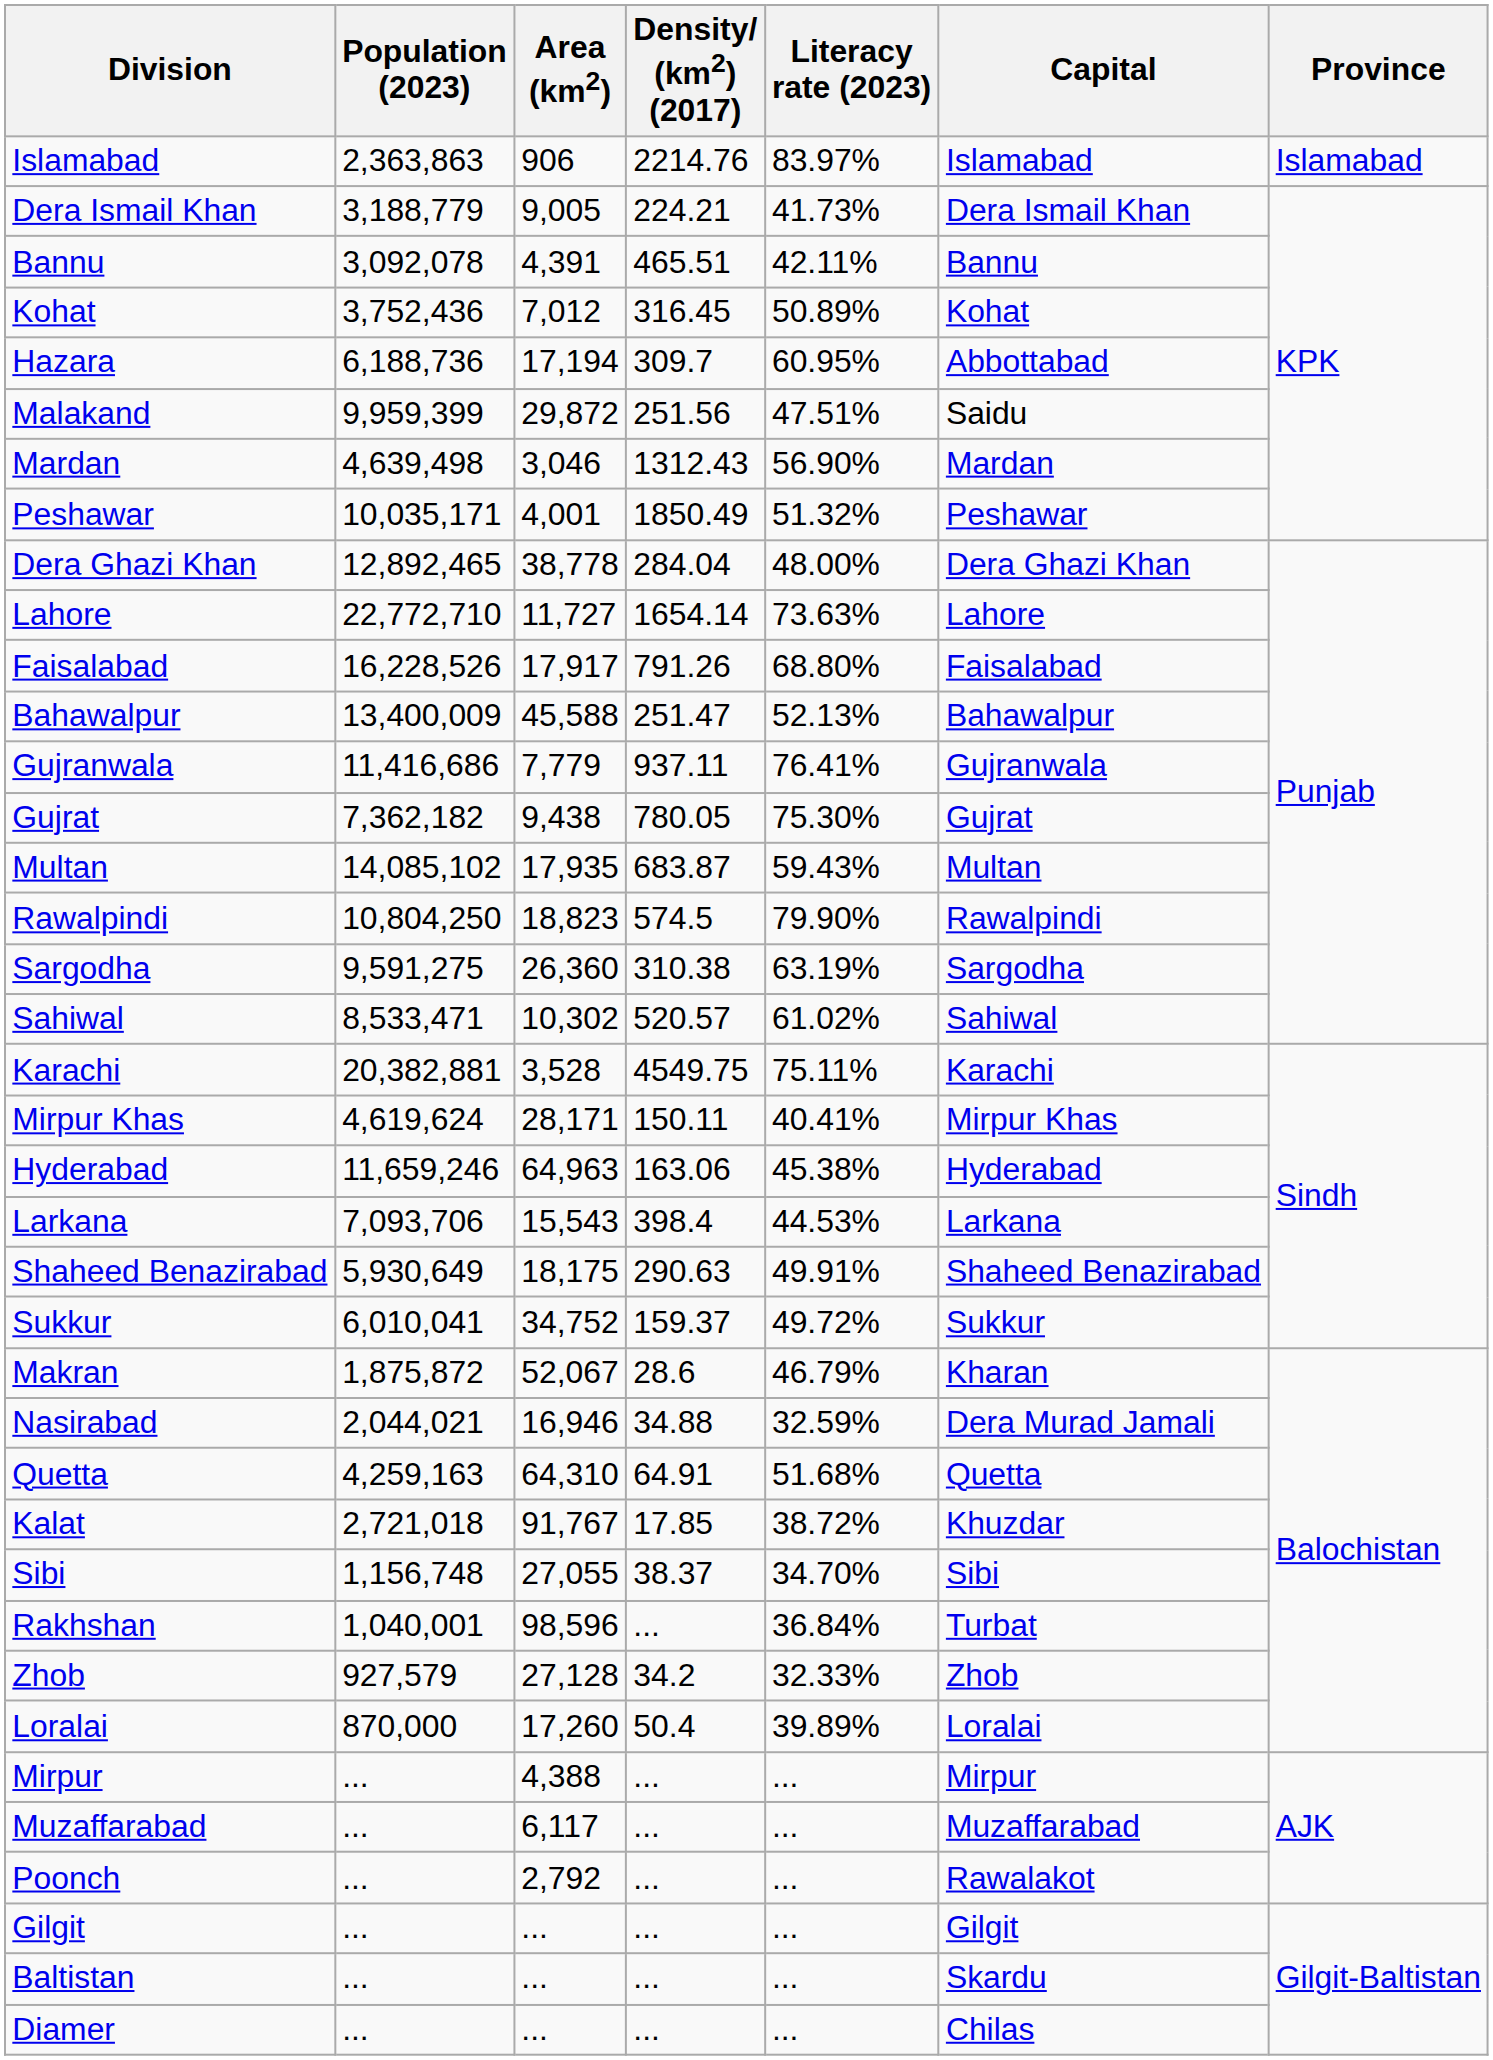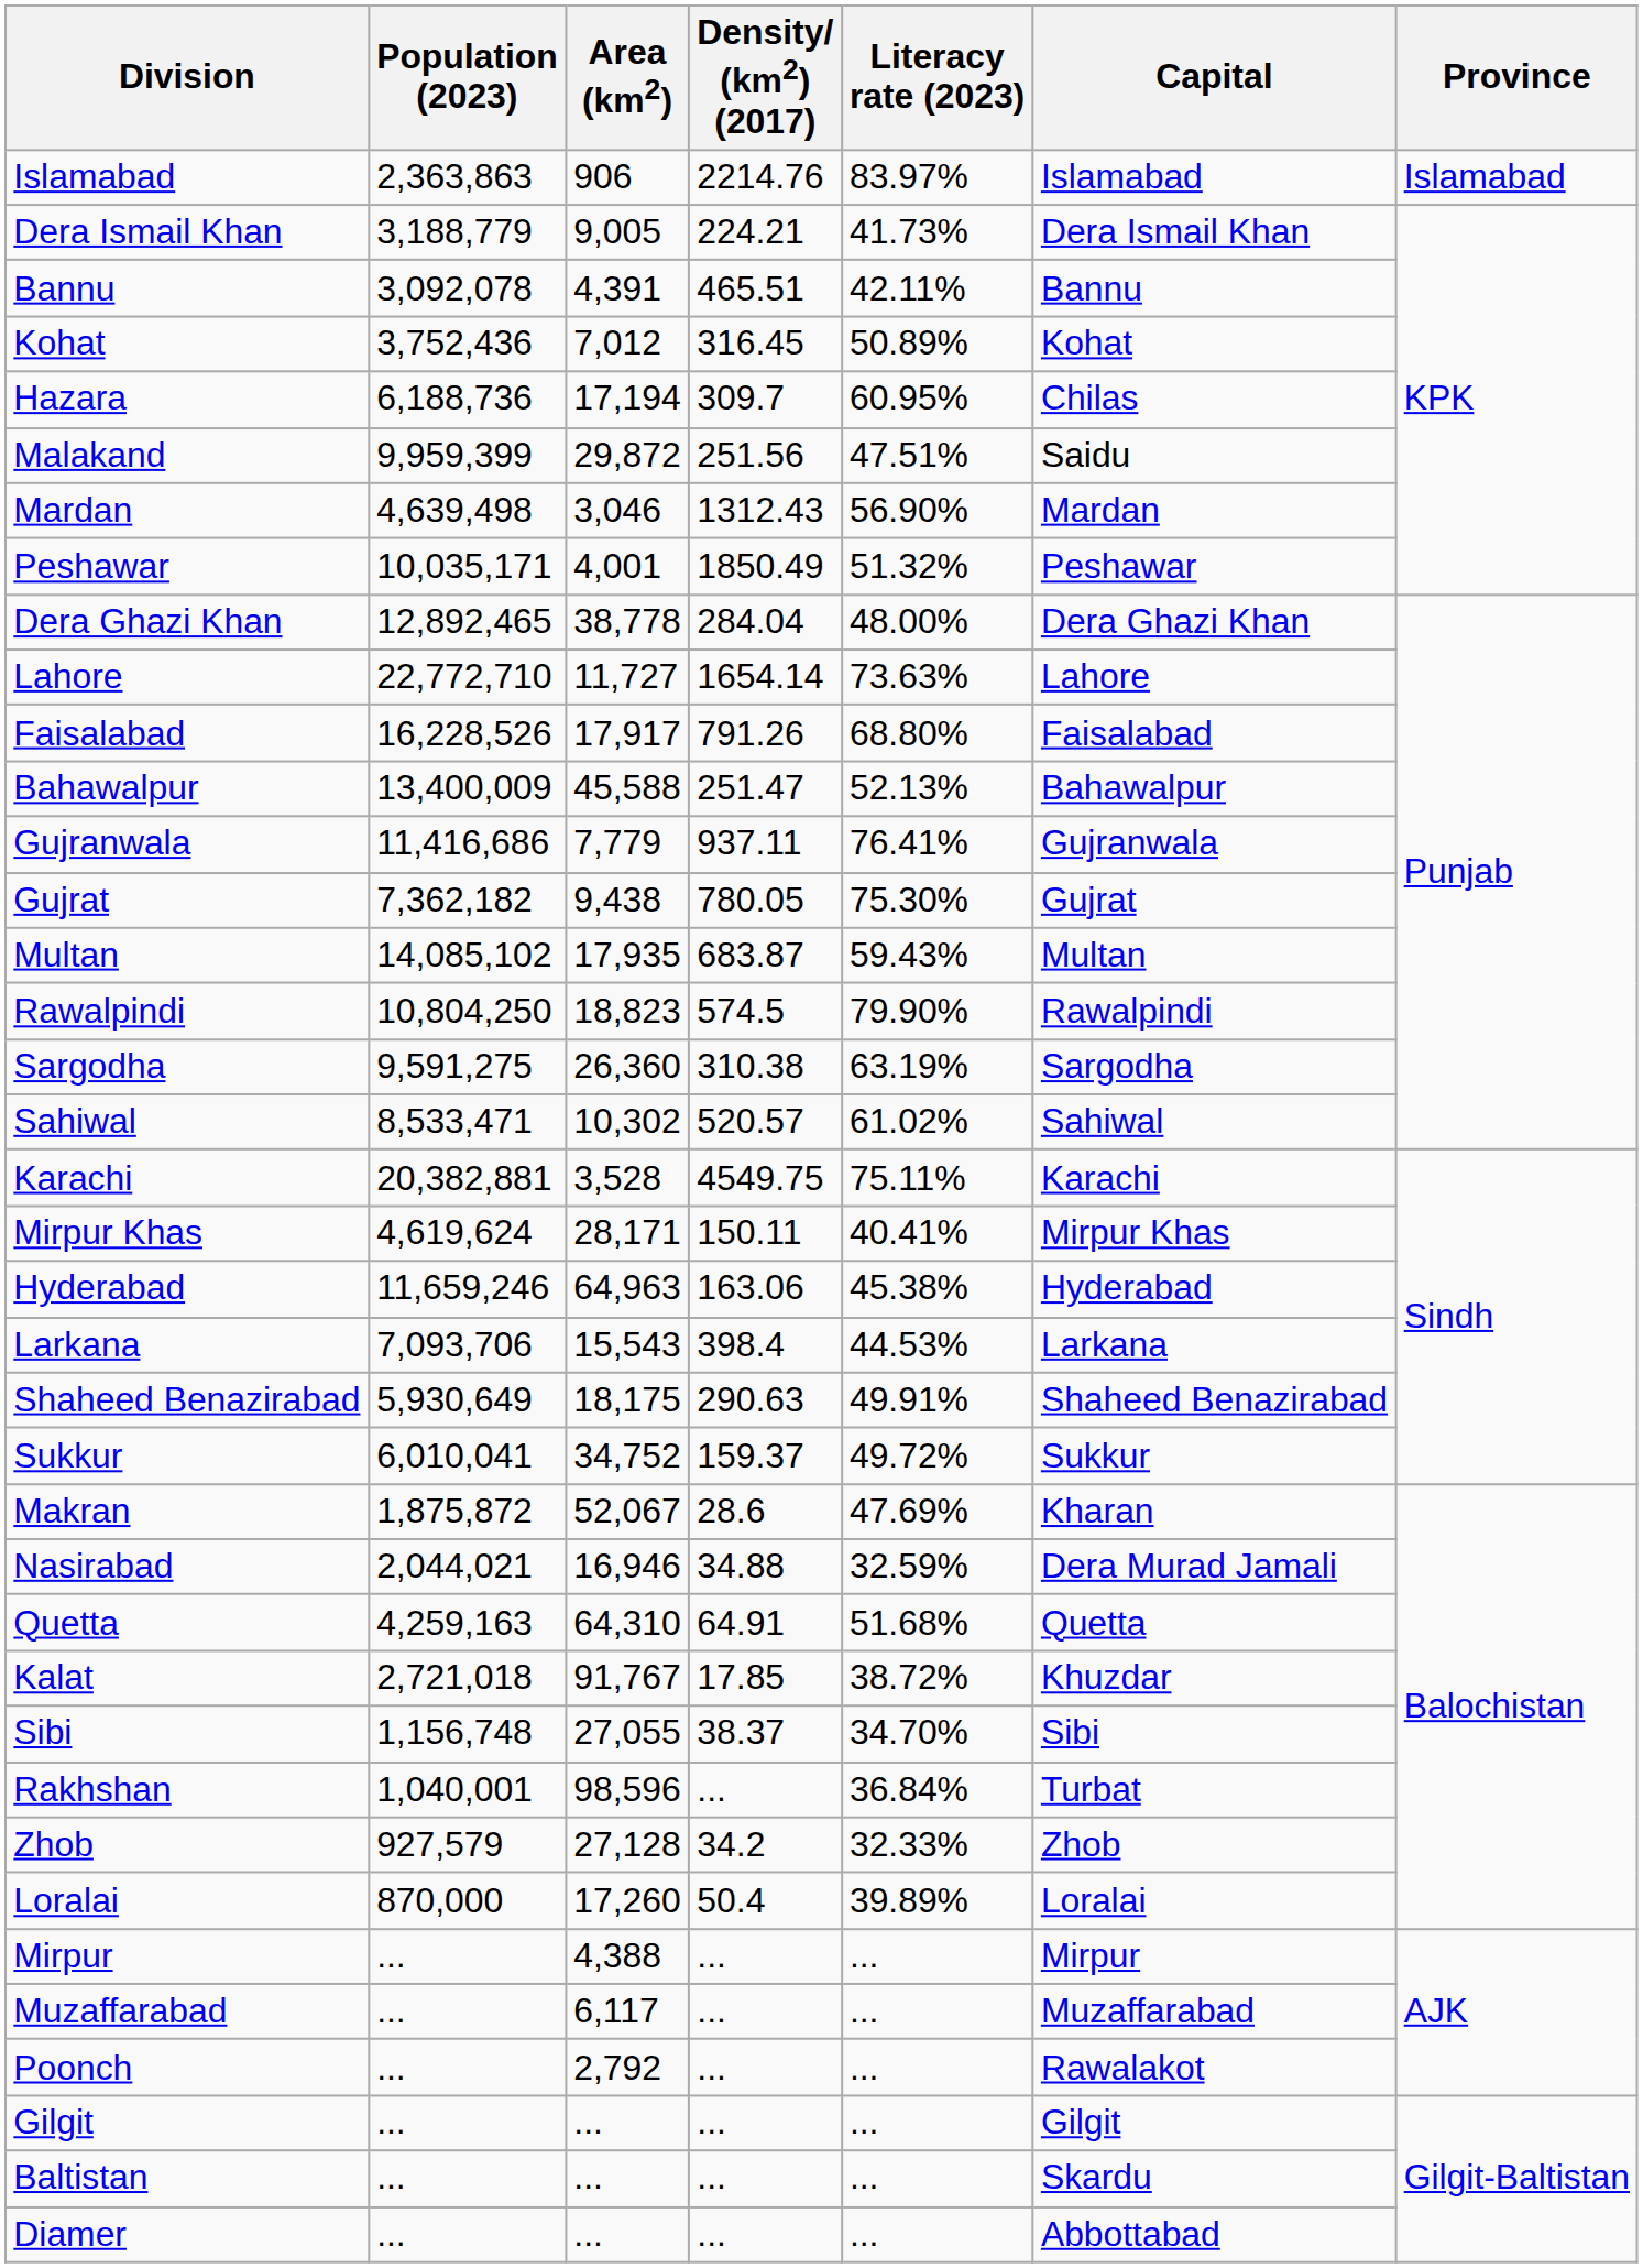 <table class="wikitable sortable static-row-numbers static-row-header-hash">
 <tr>
 <th>Division</th>
 <th>Population<br>(2023)</th>
 <th>Area<br>(km<sup>2</sup>)</th>
 <th>Density/<br>(km<sup>2</sup>)<br>(2017)</th>
 <th>Literacy<br>rate (2023)<br></th>
 <th>Capital</th>
 <th>Province</th>
 </tr>
 <tr>
 <td><a href='#'>Islamabad</a></td>
 <td>2,363,863</td>
 <td>906</td>
 <td>2214.76</td>
 <td>83.97%</td>
 <td><a href='#'>Islamabad</a></td>
 <td><a href='#'>Islamabad</a></td>
 </tr>
 <tr>
 <td><a href='#'>Dera Ismail Khan</a></td>
 <td>3,188,779</td>
 <td>9,005</td>
 <td>224.21</td>
 <td>41.73%</td>
 <td><a href='#'>Dera Ismail Khan</a></td>
 <td rowspan="7"><a href='#'>KPK</a></td>
 </tr>
 <tr>
 <td><a href='#'>Bannu</a></td>
 <td>3,092,078</td>
 <td>4,391</td>
 <td>465.51</td>
 <td>42.11%</td>
 <td><a href='#'>Bannu</a></td>
 </tr>
 <tr>
 <td><a href='#'>Kohat</a></td>
 <td>3,752,436</td>
 <td>7,012</td>
 <td>316.45</td>
 <td>50.89%</td>
 <td><a href='#'>Kohat</a></td>
 </tr>
 <tr>
 <td><a href='#'>Hazara</a></td>
 <td>6,188,736</td>
 <td>17,194</td>
 <td>309.7</td>
 <td>60.95%</td>
-<td><a href='#'>Abbottabad</a></td>
+<td><a href='#'>Chilas</a></td>
 </tr>
 <tr>
 <td><a href='#'>Malakand</a></td>
 <td>9,959,399</td>
 <td>29,872</td>
 <td>251.56</td>
 <td>47.51%</td>
 <td>Saidu</td>
 </tr>
 <tr>
 <td><a href='#'>Mardan</a></td>
 <td>4,639,498</td>
 <td>3,046</td>
 <td>1312.43</td>
 <td>56.90%</td>
 <td><a href='#'>Mardan</a></td>
 </tr>
 <tr>
 <td><a href='#'>Peshawar</a></td>
 <td>10,035,171</td>
 <td>4,001</td>
 <td>1850.49</td>
 <td>51.32%</td>
 <td><a href='#'>Peshawar</a></td>
 </tr>
 <tr>
 <td><a href='#'>Dera Ghazi Khan</a></td>
 <td>12,892,465</td>
 <td>38,778</td>
 <td>284.04</td>
 <td>48.00%</td>
 <td><a href='#'>Dera Ghazi Khan</a></td>
 <td rowspan="10"><a href='#'>Punjab</a></td>
 </tr>
 <tr>
 <td><a href='#'>Lahore</a></td>
 <td>22,772,710</td>
 <td>11,727</td>
 <td>1654.14</td>
 <td>73.63%</td>
 <td><a href='#'>Lahore</a></td>
 </tr>
 <tr>
 <td><a href='#'>Faisalabad</a></td>
 <td>16,228,526</td>
 <td>17,917</td>
 <td>791.26</td>
 <td>68.80%</td>
 <td><a href='#'>Faisalabad</a></td>
 </tr>
 <tr>
 <td><a href='#'>Bahawalpur</a></td>
 <td>13,400,009</td>
 <td>45,588</td>
 <td>251.47</td>
 <td>52.13%</td>
 <td><a href='#'>Bahawalpur</a></td>
 </tr>
 <tr>
 <td><a href='#'>Gujranwala</a></td>
 <td>11,416,686</td>
 <td>7,779</td>
 <td>937.11</td>
 <td>76.41%</td>
 <td><a href='#'>Gujranwala</a></td>
 </tr>
 <tr>
 <td><a href='#'>Gujrat</a></td>
 <td>7,362,182</td>
 <td>9,438</td>
 <td>780.05</td>
 <td>75.30%</td>
 <td><a href='#'>Gujrat</a></td>
 </tr>
 <tr>
 <td><a href='#'>Multan</a></td>
 <td>14,085,102</td>
 <td>17,935</td>
 <td>683.87</td>
 <td>59.43%</td>
 <td><a href='#'>Multan</a></td>
 </tr>
 <tr>
 <td><a href='#'>Rawalpindi</a></td>
 <td>10,804,250</td>
 <td>18,823</td>
 <td>574.5</td>
 <td>79.90%</td>
 <td><a href='#'>Rawalpindi</a></td>
 </tr>
 <tr>
 <td><a href='#'>Sargodha</a></td>
 <td>9,591,275</td>
 <td>26,360</td>
 <td>310.38</td>
 <td>63.19%</td>
 <td><a href='#'>Sargodha</a></td>
 </tr>
 <tr>
 <td><a href='#'>Sahiwal</a></td>
 <td>8,533,471</td>
 <td>10,302</td>
 <td>520.57</td>
 <td>61.02%</td>
 <td><a href='#'>Sahiwal</a></td>
 </tr>
 <tr>
 <td><a href='#'>Karachi</a></td>
 <td>20,382,881</td>
 <td>3,528</td>
 <td>4549.75</td>
 <td>75.11%</td>
 <td><a href='#'>Karachi</a></td>
 <td rowspan="6"><a href='#'>Sindh</a></td>
 </tr>
 <tr>
 <td><a href='#'>Mirpur Khas</a></td>
 <td>4,619,624</td>
 <td>28,171</td>
 <td>150.11</td>
 <td>40.41%</td>
 <td><a href='#'>Mirpur Khas</a></td>
 </tr>
 <tr>
 <td><a href='#'>Hyderabad</a></td>
 <td>11,659,246</td>
 <td>64,963</td>
 <td>163.06</td>
 <td>45.38%</td>
 <td><a href='#'>Hyderabad</a></td>
 </tr>
 <tr>
 <td><a href='#'>Larkana</a></td>
 <td>7,093,706</td>
 <td>15,543</td>
 <td>398.4</td>
 <td>44.53%</td>
 <td><a href='#'>Larkana</a></td>
 </tr>
 <tr>
 <td><a href='#'>Shaheed Benazirabad</a></td>
 <td>5,930,649</td>
 <td>18,175</td>
 <td>290.63</td>
 <td>49.91%</td>
 <td><a href='#'>Shaheed Benazirabad</a></td>
 </tr>
 <tr>
 <td><a href='#'>Sukkur</a></td>
 <td>6,010,041</td>
 <td>34,752</td>
 <td>159.37</td>
 <td>49.72%</td>
 <td><a href='#'>Sukkur</a></td>
 </tr>
 <tr>
 <td><a href='#'>Makran</a></td>
 <td>1,875,872</td>
 <td>52,067</td>
 <td>28.6</td>
-<td>46.79%</td>
+<td>47.69%</td>
 <td><a href='#'>Kharan</a></td>
 <td rowspan="8"><a href='#'>Balochistan</a></td>
 </tr>
 <tr>
 <td><a href='#'>Nasirabad</a></td>
 <td>2,044,021</td>
 <td>16,946</td>
 <td>34.88</td>
 <td>32.59%</td>
 <td><a href='#'>Dera Murad Jamali</a></td>
 </tr>
 <tr>
 <td><a href='#'>Quetta</a></td>
 <td>4,259,163</td>
 <td>64,310</td>
 <td>64.91</td>
 <td>51.68%</td>
 <td><a href='#'>Quetta</a></td>
 </tr>
 <tr>
 <td><a href='#'>Kalat</a></td>
 <td>2,721,018</td>
 <td>91,767</td>
 <td>17.85</td>
 <td>38.72%</td>
 <td><a href='#'>Khuzdar</a></td>
 </tr>
 <tr>
 <td><a href='#'>Sibi</a></td>
 <td>1,156,748</td>
 <td>27,055</td>
 <td>38.37</td>
 <td>34.70%</td>
 <td><a href='#'>Sibi</a></td>
 </tr>
 <tr>
 <td><a href='#'>Rakhshan</a></td>
 <td>1,040,001</td>
 <td>98,596</td>
 <td>...</td>
 <td>36.84%</td>
 <td><a href='#'>Turbat</a></td>
 </tr>
 <tr>
 <td><a href='#'>Zhob</a></td>
 <td>927,579</td>
 <td>27,128</td>
 <td>34.2</td>
 <td>32.33%</td>
 <td><a href='#'>Zhob</a></td>
 </tr>
 <tr>
 <td><a href='#'>Loralai</a></td>
 <td>870,000</td>
 <td>17,260</td>
 <td>50.4</td>
 <td>39.89%</td>
 <td><a href='#'>Loralai</a></td>
 </tr>
 <tr>
 <td><a href='#'>Mirpur</a></td>
 <td>...</td>
 <td>4,388</td>
 <td>...</td>
 <td>...</td>
 <td><a href='#'>Mirpur</a></td>
 <td rowspan="3"><a href='#'>AJK</a></td>
 </tr>
 <tr>
 <td><a href='#'>Muzaffarabad</a></td>
 <td>...</td>
 <td>6,117</td>
 <td>...</td>
 <td>...</td>
 <td><a href='#'>Muzaffarabad</a></td>
 </tr>
 <tr>
 <td><a href='#'>Poonch</a></td>
 <td>...</td>
 <td>2,792</td>
 <td>...</td>
 <td>...</td>
 <td><a href='#'>Rawalakot</a></td>
 </tr>
 <tr>
 <td><a href='#'>Gilgit</a></td>
 <td>...</td>
 <td>...</td>
 <td>...</td>
 <td>...</td>
 <td><a href='#'>Gilgit</a></td>
 <td rowspan="3"><a href='#'>Gilgit-Baltistan</a></td>
 </tr>
 <tr>
 <td><a href='#'>Baltistan</a></td>
 <td>...</td>
 <td>...</td>
 <td>...</td>
 <td>...</td>
 <td><a href='#'>Skardu</a></td>
 </tr>
 <tr>
 <td><a href='#'>Diamer</a></td>
 <td>...</td>
 <td>...</td>
 <td>...</td>
 <td>...</td>
-<td><a href='#'>Chilas</a></td>
+<td><a href='#'>Abbottabad</a></td>
 </tr>
 </table>
